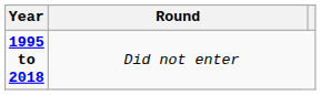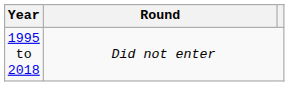 <table class="wikitable" style="text-align: center; font-size:90%">
 <tr>
 <th>Year</th>
 <th style="width:200px">Round</th>
 <th></th>
 </tr>
 <tr>
-<td><strong><a href='#'>1995</a><br>to<br><a href='#'>2018</a></strong></td>
+<td><a href='#'>1995</a><br>to<br><a href='#'>2018</a></td>
 <td colspan="2"><em>Did not enter</em></td>
 </tr>
 </table>
